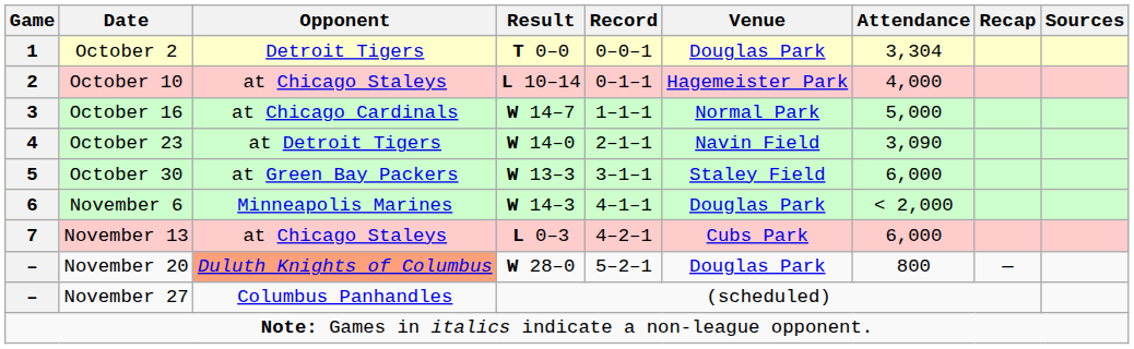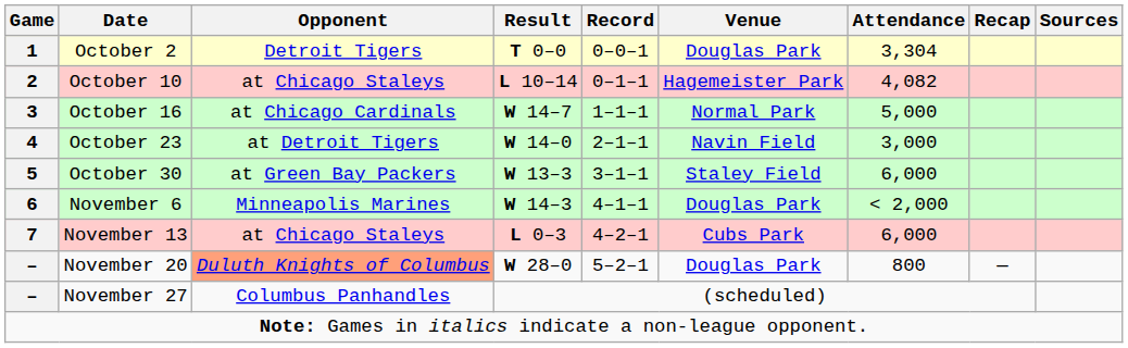 <table class="wikitable" style="text-align:center">
 <tr>
 <th>Game</th>
 <th>Date</th>
 <th>Opponent</th>
 <th>Result</th>
 <th>Record</th>
 <th>Venue</th>
 <th>Attendance</th>
 <th>Recap</th>
 <th>Sources</th>
 </tr>
 <tr style="background:#ffc">
 <th>1</th>
 <td>October 2</td>
 <td><a href='#'>Detroit Tigers</a></td>
 <td><strong>T</strong> 0–0</td>
 <td>0–0–1</td>
 <td><a href='#'>Douglas Park</a></td>
 <td>3,304</td>
 <td></td>
 <td></td>
 </tr>
 <tr style="background:#fcc">
 <th>2</th>
 <td>October 10</td>
 <td>at <a href='#'>Chicago Staleys</a></td>
 <td><strong>L</strong> 10–14</td>
 <td>0–1–1</td>
 <td><a href='#'>Hagemeister Park</a></td>
-<td>4,000 </td>
+<td>4,082 </td>
 <td></td>
 <td></td>
 </tr>
 <tr style="background:#cfc">
 <th>3</th>
 <td>October 16</td>
 <td>at <a href='#'>Chicago Cardinals</a></td>
 <td><strong>W</strong> 14–7</td>
 <td>1–1–1</td>
 <td><a href='#'>Normal Park</a></td>
 <td>5,000</td>
 <td></td>
 <td></td>
 </tr>
 <tr style="background:#cfc">
 <th>4</th>
 <td>October 23</td>
 <td>at <a href='#'>Detroit Tigers</a></td>
 <td><strong>W</strong> 14–0</td>
 <td>2–1–1</td>
 <td><a href='#'>Navin Field</a></td>
-<td>3,090</td>
+<td>3,000</td>
 <td></td>
 <td></td>
 </tr>
 <tr style="background:#cfc">
 <th>5</th>
 <td>October 30</td>
 <td>at <a href='#'>Green Bay Packers</a></td>
 <td><strong>W</strong> 13–3</td>
 <td>3–1–1</td>
 <td><a href='#'>Staley Field</a></td>
 <td>6,000 </td>
 <td></td>
 <td></td>
 </tr>
 <tr style="background:#cfc">
 <th>6</th>
 <td>November 6</td>
 <td><a href='#'>Minneapolis Marines</a></td>
 <td><strong>W</strong> 14–3</td>
 <td>4–1–1</td>
 <td><a href='#'>Douglas Park</a></td>
 <td>< 2,000</td>
 <td></td>
 <td></td>
 </tr>
 <tr style="background:#fcc">
 <th>7</th>
 <td>November 13</td>
 <td>at <a href='#'>Chicago Staleys</a></td>
 <td><strong>L</strong> 0–3</td>
 <td>4–2–1</td>
 <td><a href='#'>Cubs Park</a></td>
 <td>6,000</td>
 <td></td>
 <td></td>
 </tr>
 <tr>
 <th>–</th>
 <td>November 20</td>
 <td style="background: lightsalmon;"><em><a href='#'>Duluth Knights of Columbus</a></em></td>
 <td><strong>W</strong> 28–0</td>
 <td>5–2–1</td>
 <td><a href='#'>Douglas Park</a></td>
 <td>800</td>
 <td>—</td>
 <td></td>
 </tr>
 <tr>
 <th>–</th>
 <td>November 27</td>
 <td><a href='#'>Columbus Panhandles</a></td>
 <td colspan="5">(scheduled)</td>
 <td></td>
 </tr>
 <tr>
 <td colspan="10"><strong>Note:</strong> Games in <em>italics</em> indicate a non-league opponent.</td>
 </tr>
 </table>
